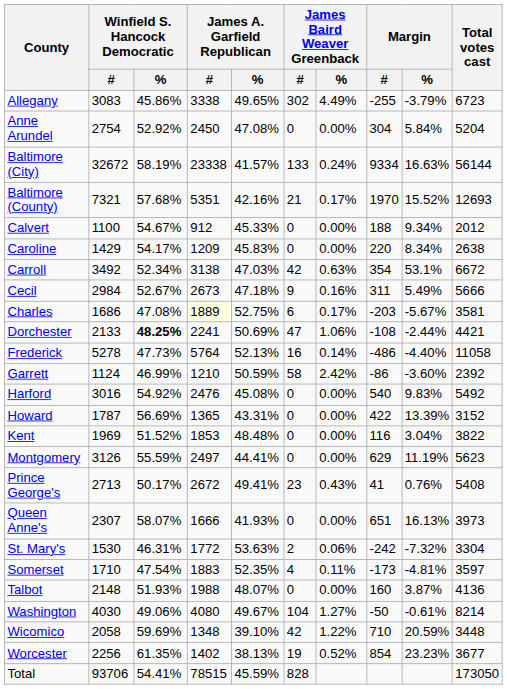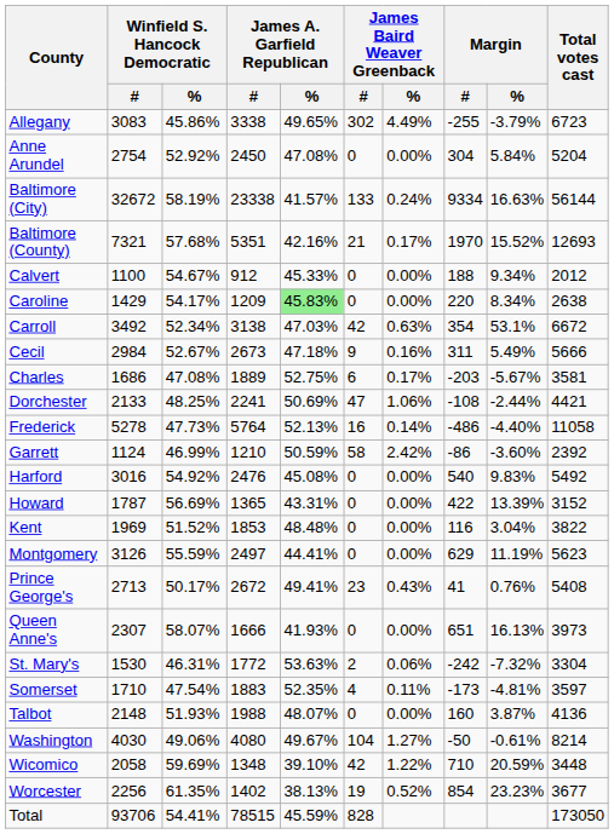 <table class="wikitable sortable">
 <tr>
 <th rowspan="2">County</th>
 <th colspan="2" >Winfield S. Hancock<br>Democratic</th>
 <th colspan="2" >James A. Garfield<br>Republican</th>
 <th colspan="2" ><a href='#'>James Baird Weaver</a><br>Greenback</th>
 <th colspan="2">Margin</th>
 <th rowspan="2">Total<br>votes<br>cast</th>
 </tr>
 <tr>
 <th>#</th>
 <th>%</th>
 <th>#</th>
 <th>%</th>
 <th>#</th>
 <th>%</th>
 <th>#</th>
 <th>%</th>
 </tr>
 <tr>
 <td><a href='#'>Allegany</a></td>
 <td>3083</td>
 <td>45.86%</td>
 <td>3338</td>
 <td>49.65%</td>
 <td>302</td>
 <td>4.49%</td>
 <td>-255</td>
 <td>-3.79%</td>
 <td>6723</td>
 </tr>
 <tr>
 <td><a href='#'>Anne Arundel</a></td>
 <td>2754</td>
 <td>52.92%</td>
 <td>2450</td>
 <td>47.08%</td>
 <td>0</td>
 <td>0.00%</td>
 <td>304</td>
 <td>5.84%</td>
 <td>5204</td>
 </tr>
 <tr>
 <td><a href='#'>Baltimore (City)</a></td>
 <td>32672</td>
 <td>58.19%</td>
 <td>23338</td>
 <td>41.57%</td>
 <td>133</td>
 <td>0.24%</td>
 <td>9334</td>
 <td>16.63%</td>
 <td>56144</td>
 </tr>
 <tr>
 <td><a href='#'>Baltimore (County)</a></td>
 <td>7321</td>
 <td>57.68%</td>
 <td>5351</td>
 <td>42.16%</td>
 <td>21</td>
 <td>0.17%</td>
 <td>1970</td>
 <td>15.52%</td>
 <td>12693</td>
 </tr>
 <tr>
 <td><a href='#'>Calvert</a></td>
 <td>1100</td>
 <td>54.67%</td>
 <td>912</td>
 <td>45.33%</td>
 <td>0</td>
 <td>0.00%</td>
 <td>188</td>
 <td>9.34%</td>
 <td>2012</td>
 </tr>
 <tr>
 <td><a href='#'>Caroline</a></td>
 <td>1429</td>
 <td>54.17%</td>
 <td>1209</td>
-<td>45.83%</td>
+<td style="background: lightgreen;">45.83%</td>
 <td>0</td>
 <td>0.00%</td>
 <td>220</td>
 <td>8.34%</td>
 <td>2638</td>
 </tr>
 <tr>
 <td><a href='#'>Carroll</a></td>
 <td>3492</td>
 <td>52.34%</td>
 <td>3138</td>
 <td>47.03%</td>
 <td>42</td>
 <td>0.63%</td>
 <td>354</td>
 <td>53.1%</td>
 <td>6672</td>
 </tr>
 <tr>
 <td><a href='#'>Cecil</a></td>
 <td>2984</td>
 <td>52.67%</td>
 <td>2673</td>
 <td>47.18%</td>
 <td>9</td>
 <td>0.16%</td>
 <td>311</td>
 <td>5.49%</td>
 <td>5666</td>
 </tr>
 <tr>
 <td><a href='#'>Charles</a></td>
 <td>1686</td>
 <td>47.08%</td>
-<td style="background: lightyellow;">1889</td>
+<td>1889</td>
 <td>52.75%</td>
 <td>6</td>
 <td>0.17%</td>
 <td>-203</td>
 <td>-5.67%</td>
 <td>3581</td>
 </tr>
 <tr>
 <td><a href='#'>Dorchester</a></td>
 <td>2133</td>
-<td><strong>48.25%</strong></td>
+<td>48.25%</td>
 <td>2241</td>
 <td>50.69%</td>
 <td>47</td>
 <td>1.06%</td>
 <td>-108</td>
 <td>-2.44%</td>
 <td>4421</td>
 </tr>
 <tr>
 <td><a href='#'>Frederick</a></td>
 <td>5278</td>
 <td>47.73%</td>
 <td>5764</td>
 <td>52.13%</td>
 <td>16</td>
 <td>0.14%</td>
 <td>-486</td>
 <td>-4.40%</td>
 <td>11058</td>
 </tr>
 <tr>
 <td><a href='#'>Garrett</a></td>
 <td>1124</td>
 <td>46.99%</td>
 <td>1210</td>
 <td>50.59%</td>
 <td>58</td>
 <td>2.42%</td>
 <td>-86</td>
 <td>-3.60%</td>
 <td>2392</td>
 </tr>
 <tr>
 <td><a href='#'>Harford</a></td>
 <td>3016</td>
 <td>54.92%</td>
 <td>2476</td>
 <td>45.08%</td>
 <td>0</td>
 <td>0.00%</td>
 <td>540</td>
 <td>9.83%</td>
 <td>5492</td>
 </tr>
 <tr>
 <td><a href='#'>Howard</a></td>
 <td>1787</td>
 <td>56.69%</td>
 <td>1365</td>
 <td>43.31%</td>
 <td>0</td>
 <td>0.00%</td>
 <td>422</td>
 <td>13.39%</td>
 <td>3152</td>
 </tr>
 <tr>
 <td><a href='#'>Kent</a></td>
 <td>1969</td>
 <td>51.52%</td>
 <td>1853</td>
 <td>48.48%</td>
 <td>0</td>
 <td>0.00%</td>
 <td>116</td>
 <td>3.04%</td>
 <td>3822</td>
 </tr>
 <tr>
 <td><a href='#'>Montgomery</a></td>
 <td>3126</td>
 <td>55.59%</td>
 <td>2497</td>
 <td>44.41%</td>
 <td>0</td>
 <td>0.00%</td>
 <td>629</td>
 <td>11.19%</td>
 <td>5623</td>
 </tr>
 <tr>
 <td><a href='#'>Prince George's</a></td>
 <td>2713</td>
 <td>50.17%</td>
 <td>2672</td>
 <td>49.41%</td>
 <td>23</td>
 <td>0.43%</td>
 <td>41</td>
 <td>0.76%</td>
 <td>5408</td>
 </tr>
 <tr>
 <td><a href='#'>Queen Anne's</a></td>
 <td>2307</td>
 <td>58.07%</td>
 <td>1666</td>
 <td>41.93%</td>
 <td>0</td>
 <td>0.00%</td>
 <td>651</td>
 <td>16.13%</td>
 <td>3973</td>
 </tr>
 <tr>
 <td><a href='#'>St. Mary's</a></td>
 <td>1530</td>
 <td>46.31%</td>
 <td>1772</td>
 <td>53.63%</td>
 <td>2</td>
 <td>0.06%</td>
 <td>-242</td>
 <td>-7.32%</td>
 <td>3304</td>
 </tr>
 <tr>
 <td><a href='#'>Somerset</a></td>
 <td>1710</td>
 <td>47.54%</td>
 <td>1883</td>
 <td>52.35%</td>
 <td>4</td>
 <td>0.11%</td>
 <td>-173</td>
 <td>-4.81%</td>
 <td>3597</td>
 </tr>
 <tr>
 <td><a href='#'>Talbot</a></td>
 <td>2148</td>
 <td>51.93%</td>
 <td>1988</td>
 <td>48.07%</td>
 <td>0</td>
 <td>0.00%</td>
 <td>160</td>
 <td>3.87%</td>
 <td>4136</td>
 </tr>
 <tr>
 <td><a href='#'>Washington</a></td>
 <td>4030</td>
 <td>49.06%</td>
 <td>4080</td>
 <td>49.67%</td>
 <td>104</td>
 <td>1.27%</td>
 <td>-50</td>
 <td>-0.61%</td>
 <td>8214</td>
 </tr>
 <tr>
 <td><a href='#'>Wicomico</a></td>
 <td>2058</td>
 <td>59.69%</td>
 <td>1348</td>
 <td>39.10%</td>
 <td>42</td>
 <td>1.22%</td>
 <td>710</td>
 <td>20.59%</td>
 <td>3448</td>
 </tr>
 <tr>
 <td><a href='#'>Worcester</a></td>
 <td>2256</td>
 <td>61.35%</td>
 <td>1402</td>
 <td>38.13%</td>
 <td>19</td>
 <td>0.52%</td>
 <td>854</td>
 <td>23.23%</td>
 <td>3677</td>
 </tr>
 <tr>
 <td>Total</td>
 <td>93706</td>
 <td>54.41%</td>
 <td>78515</td>
 <td>45.59%</td>
 <td>828</td>
 <td></td>
 <td></td>
 <td></td>
 <td>173050</td>
 </tr>
 </table>
